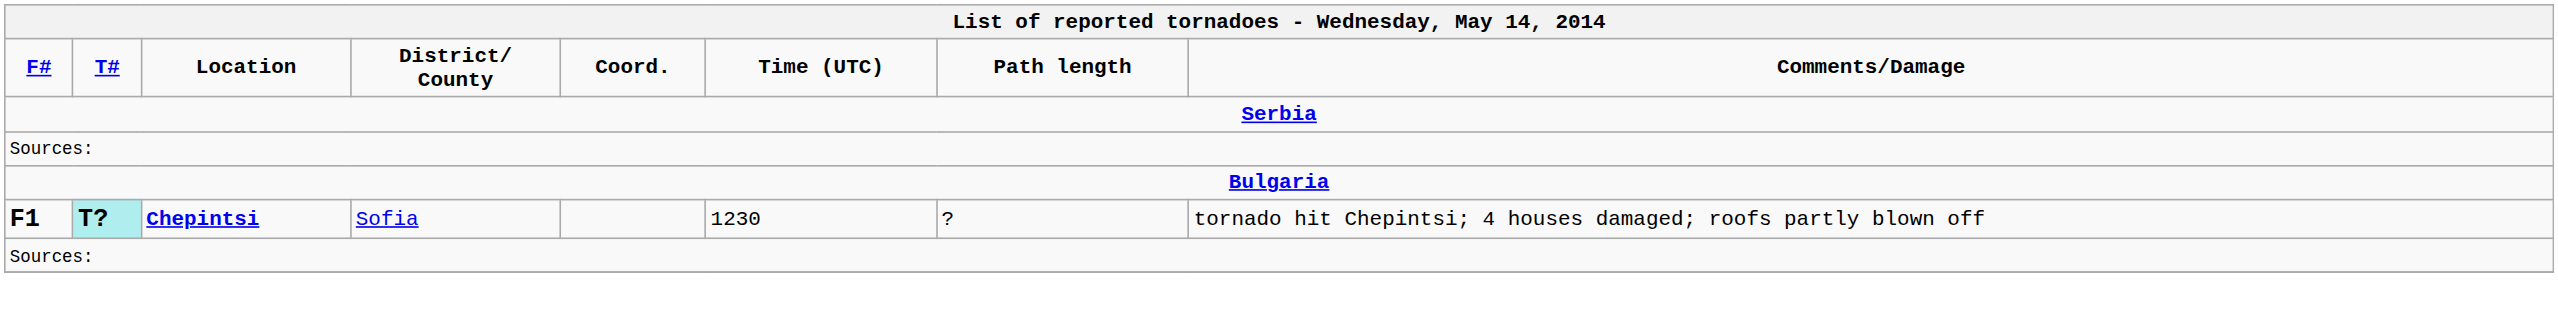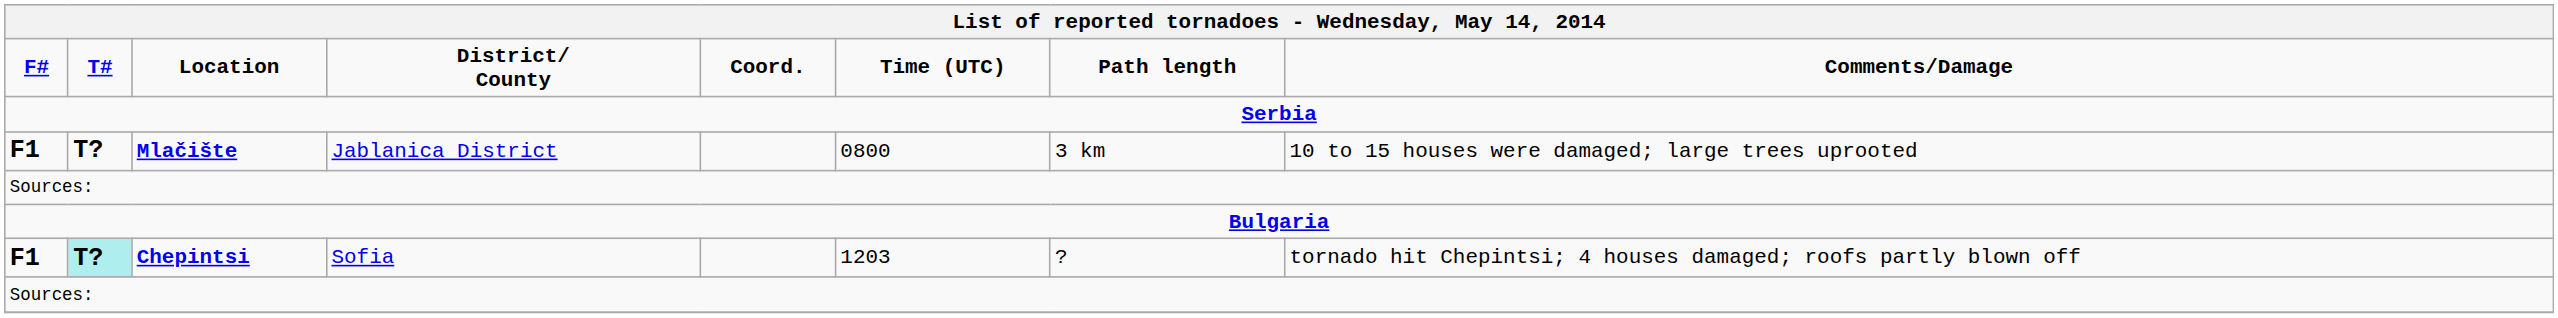 <table class="wikitable collapsible" width="100%">
 <tr>
 <th colspan="8">List of reported tornadoes - Wednesday, May 14, 2014</th>
 </tr>
 <tr>
 <td style="text-align: center;"><strong><a href='#'>F#</a></strong></td>
 <td style="text-align: center;"><strong><a href='#'>T#</a></strong></td>
 <td style="text-align: center;"><strong>Location</strong></td>
 <td style="text-align: center;"><strong>District/<br>County</strong></td>
 <td style="text-align: center;"><strong>Coord.</strong></td>
 <td style="text-align: center;"><strong>Time (UTC)</strong></td>
 <td style="text-align: center;"><strong>Path length</strong></td>
 <td style="text-align: center;"><strong>Comments/Damage</strong></td>
 </tr>
 <tr>
 <td colspan="8" align=center><strong><a href='#'>Serbia</a></strong></td>
 </tr>
 <tr>
+<td><big><strong>F1</strong></big></td>
+<td><big><strong>T?</strong></big></td>
+<td><strong><a href='#'>Mlačište</a></strong></td>
+<td><a href='#'>Jablanica District</a></td>
+<td></td>
+<td>0800</td>
+<td>3 km</td>
+<td>10 to 15 houses were damaged; large trees uprooted</td>
+</tr>
+<tr>
 <td colspan="8"><small>Sources:</small></td>
 </tr>
 <tr>
 <td colspan="8" align=center><strong><a href='#'>Bulgaria</a></strong></td>
 </tr>
 <tr>
 <td><big><strong>F1</strong></big></td>
 <td style="background: paleturquoise;"><big><strong>T?</strong></big></td>
 <td><strong><a href='#'>Chepintsi</a></strong></td>
 <td><a href='#'>Sofia</a></td>
 <td></td>
-<td>1230</td>
+<td>1203</td>
 <td>?</td>
 <td>tornado hit Chepintsi; 4 houses damaged; roofs partly blown off</td>
 </tr>
 <tr>
 <td colspan="8"><small>Sources:</small></td>
 </tr>
 <tr>
 </tr>
 </table>
